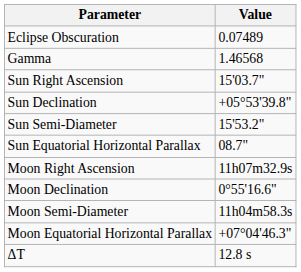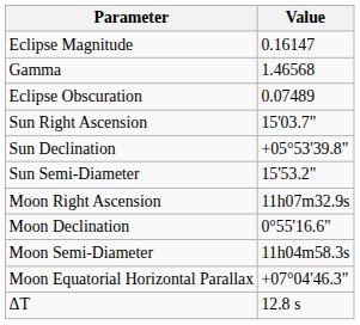 <table class="wikitable">
 <tr>
 <th>Parameter</th>
 <th>Value</th>
 </tr>
 <tr>
-<td>Eclipse Obscuration</td>
-<td>0.07489</td>
+<td>Eclipse Magnitude</td>
+<td>0.16147</td>
 </tr>
 <tr>
 <td>Gamma</td>
 <td>1.46568</td>
+</tr>
+<tr>
+<td>Eclipse Obscuration</td>
+<td>0.07489</td>
 </tr>
 <tr>
 <td>Sun Right Ascension</td>
 <td>15'03.7"</td>
 </tr>
 <tr>
 <td>Sun Declination</td>
 <td>+05°53'39.8"</td>
 </tr>
 <tr>
 <td>Sun Semi-Diameter</td>
 <td>15'53.2"</td>
-</tr>
-<tr>
-<td>Sun Equatorial Horizontal Parallax</td>
-<td>08.7"</td>
 </tr>
 <tr>
 <td>Moon Right Ascension</td>
 <td>11h07m32.9s</td>
 </tr>
 <tr>
 <td>Moon Declination</td>
 <td>0°55'16.6"</td>
 </tr>
 <tr>
 <td>Moon Semi-Diameter</td>
 <td>11h04m58.3s</td>
 </tr>
 <tr>
 <td>Moon Equatorial Horizontal Parallax</td>
 <td>+07°04'46.3"</td>
 </tr>
 <tr>
 <td>ΔT</td>
 <td>12.8 s</td>
 </tr>
 </table>
